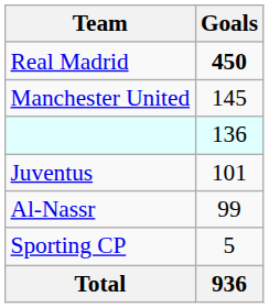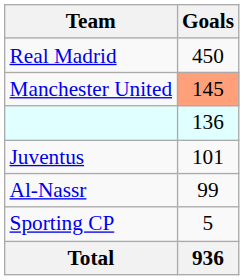 <table class="wikitable sortable" style="text-align:center">
 <tr>
 <th>Team</th>
 <th>Goals</th>
 </tr>
 <tr>
 <td style="text-align:left"> <a href='#'>Real Madrid</a></td>
-<td><strong>450</strong></td>
+<td>450</td>
 </tr>
 <tr>
 <td style="text-align:left"> <a href='#'>Manchester United</a></td>
-<td>145</td>
+<td style="background: lightsalmon;">145</td>
 </tr>
 <tr>
 <td style="background:#E0FFFF; text-align:left"></td>
 <td style="background:#E0FFFF">136</td>
 </tr>
 <tr>
 <td style="text-align:left"> <a href='#'>Juventus</a></td>
 <td>101</td>
 </tr>
 <tr>
 <td style="text-align:left"> <a href='#'>Al-Nassr</a></td>
 <td>99</td>
 </tr>
 <tr>
 <td style="text-align:left"> <a href='#'>Sporting CP</a></td>
 <td>5</td>
 </tr>
 <tr>
 <th>Total</th>
 <th>936</th>
 </tr>
 </table>
